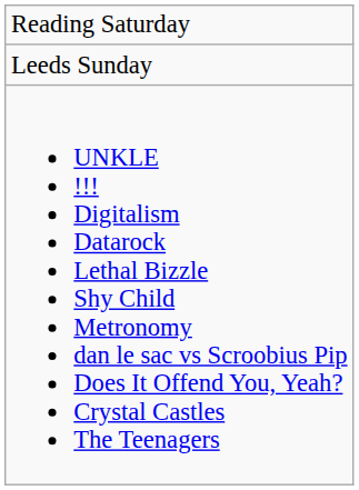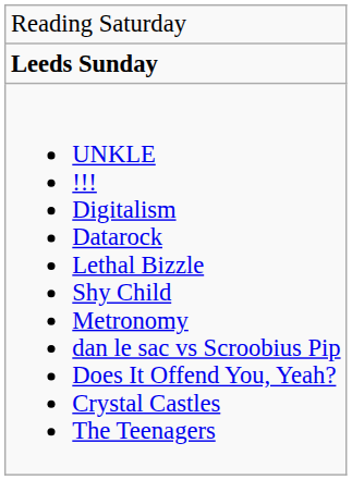 <table class="wikitable">
 <tr>
 <td>Reading Saturday</td>
 </tr>
 <tr>
-<td>Leeds Sunday</td>
+<td><strong>Leeds Sunday</strong></td>
 </tr>
 <tr>
 <td><br><ul><li><a href='#'>UNKLE</a></li><li><a href='#'>!!!</a></li><li><a href='#'>Digitalism</a></li><li><a href='#'>Datarock</a></li><li><a href='#'>Lethal Bizzle</a></li><li><a href='#'>Shy Child</a></li><li><a href='#'>Metronomy</a></li><li><a href='#'>dan le sac vs Scroobius Pip</a></li><li><a href='#'>Does It Offend You, Yeah?</a></li><li><a href='#'>Crystal Castles</a></li><li><a href='#'>The Teenagers</a></li></ul></td>
 </tr>
 </table>
